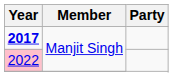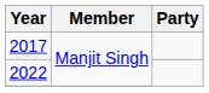 <table class="wikitable sortable">
 <tr>
 <th>Year</th>
 <th>Member</th>
 <th colspan="2">Party</th>
 </tr>
 <tr>
-<td><strong><a href='#'>2017</a></strong></td>
+<td><a href='#'>2017</a></td>
 <td rowspan=2><a href='#'>Manjit Singh</a></td>
 <td></td>
 </tr>
 <tr>
-<td style="background: pink;"><a href='#'>2022</a></td>
+<td><a href='#'>2022</a></td>
 </tr>
 <tr>
 </tr>
 </table>
